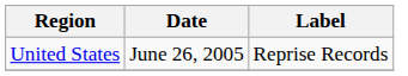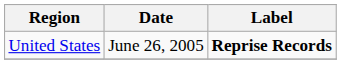 <table class="wikitable">
 <tr>
 <th>Region</th>
 <th>Date</th>
 <th>Label</th>
 </tr>
 <tr>
 <td rowspan="1"><a href='#'>United States</a></td>
 <td rowspan="1">June 26, 2005</td>
-<td rowspan="1">Reprise Records</td>
+<td rowspan="1"><strong>Reprise Records</strong></td>
 </tr>
 <tr>
 </tr>
 </table>
